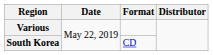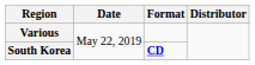 <table class="wikitable plainrowheaders">
 <tr>
 <th>Region</th>
 <th>Date</th>
 <th>Format</th>
 <th>Distributor</th>
 </tr>
 <tr>
 <th scope="row">Various</th>
 <td rowspan="3">May 22, 2019</td>
 <td rowspan="2"></td>
 <td rowspan="3"></td>
 </tr>
 <tr>
 <th scope="row" rowspan="2">South Korea</th>
 </tr>
 <tr>
-<td><a href='#'>CD</a></td>
+<td><strong><a href='#'>CD</a></strong></td>
 </tr>
 </table>
